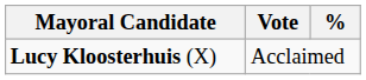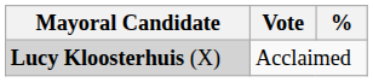 <table class="wikitable">
 <tr>
 <th bgcolor="#DDDDFF" width="170px">Mayoral Candidate</th>
 <th bgcolor="#DDDDFF" width="40px">Vote</th>
 <th bgcolor="#DDDDFF" width="30px">%</th>
 </tr>
 <tr>
-<td><strong>Lucy Kloosterhuis</strong> (X)</td>
+<td style="background: lightgrey;"><strong>Lucy Kloosterhuis</strong> (X)</td>
 <td colspan="2">Acclaimed</td>
 </tr>
 </table>
